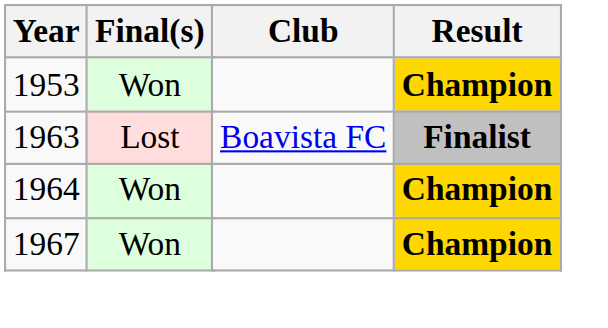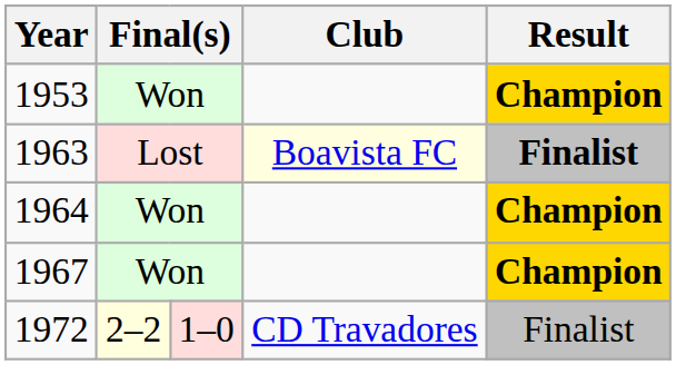 <table class="wikitable">
 <tr style="background:#efefef;">
 <th>Year</th>
 <th colspan="2">Final(s)</th>
 <th>Club</th>
 <th>Result</th>
 </tr>
 <tr align=center>
 <td>1953</td>
 <td colspan=2 bgcolor=#dfd>Won</td>
 <td></td>
 <td bgcolor=gold><strong>Champion</strong></td>
 </tr>
 <tr align=center>
 <td>1963</td>
 <td colspan=2 bgcolor=#fdd>Lost</td>
-<td><a href='#'>Boavista FC</a></td>
+<td style="background: lightyellow;"><a href='#'>Boavista FC</a></td>
 <td bgcolor=silver><strong>Finalist</strong></td>
 </tr>
 <tr align=center>
 <td>1964</td>
 <td colspan=2 bgcolor=#dfd>Won</td>
 <td></td>
 <td bgcolor=gold><strong>Champion</strong></td>
 </tr>
 <tr align=center>
 <td>1967</td>
 <td colspan=2 bgcolor=#dfd>Won</td>
 <td></td>
 <td bgcolor=gold><strong>Champion</strong></td>
 </tr>
+<tr align=center>
+<td>1972</td>
+<td bgcolor=#ffd>2–2</td>
+<td bgcolor=#fdd>1–0</td>
+<td><a href='#'>CD Travadores</a></td>
+<td bgcolor=silver>Finalist</td>
+</tr>
 </table>
